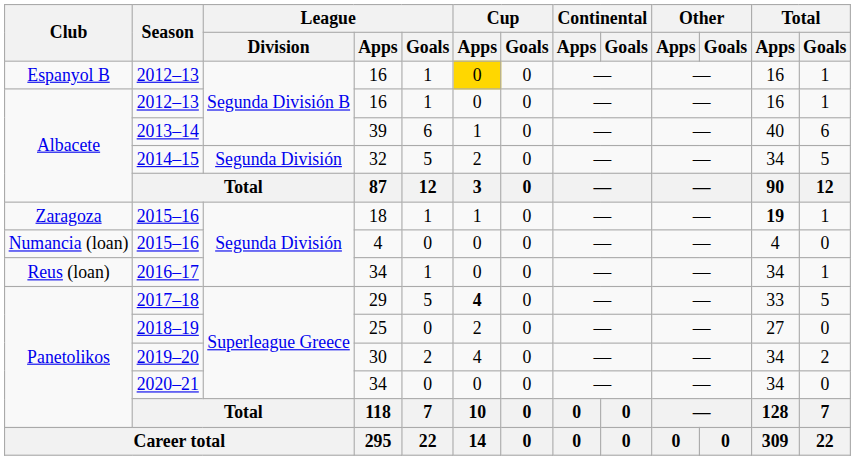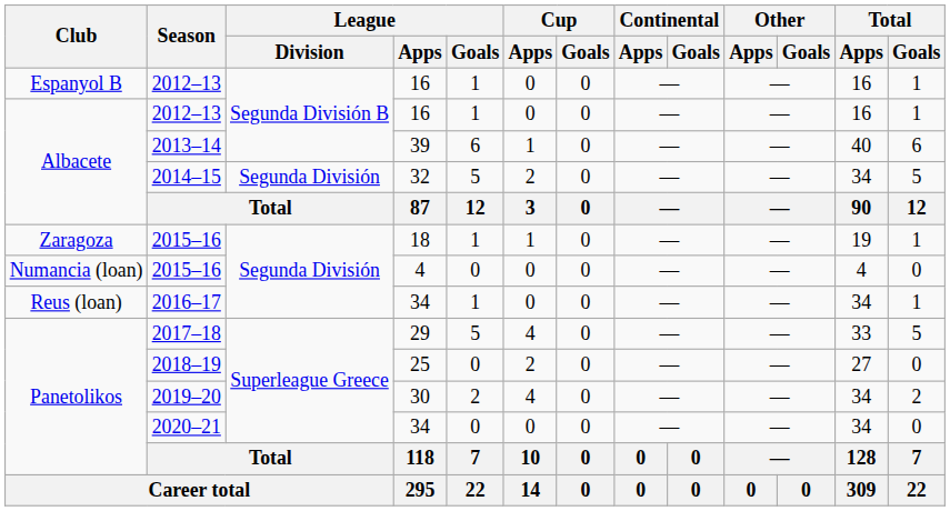 <table class="wikitable" style="text-align:center">
 <tr>
 <th rowspan=2>Club</th>
 <th rowspan=2>Season</th>
 <th colspan=3>League</th>
 <th colspan=2>Cup</th>
 <th colspan=2>Continental</th>
 <th colspan=2>Other</th>
 <th colspan=2>Total</th>
 </tr>
 <tr>
 <th>Division</th>
 <th>Apps</th>
 <th>Goals</th>
 <th>Apps</th>
 <th>Goals</th>
 <th>Apps</th>
 <th>Goals</th>
 <th>Apps</th>
 <th>Goals</th>
 <th>Apps</th>
 <th>Goals</th>
 </tr>
 <tr>
 <td><a href='#'>Espanyol B</a></td>
 <td><a href='#'>2012–13</a></td>
 <td rowspan=3><a href='#'>Segunda División B</a></td>
 <td>16</td>
 <td>1</td>
-<td style="background: gold;">0</td>
+<td>0</td>
 <td>0</td>
 <td colspan="2">—</td>
 <td colspan="2">—</td>
 <td>16</td>
 <td>1</td>
 </tr>
 <tr>
 <td rowspan=4><a href='#'>Albacete</a></td>
 <td><a href='#'>2012–13</a></td>
 <td>16</td>
 <td>1</td>
 <td>0</td>
 <td>0</td>
 <td colspan="2">—</td>
 <td colspan="2">—</td>
 <td>16</td>
 <td>1</td>
 </tr>
 <tr>
 <td><a href='#'>2013–14</a></td>
 <td>39</td>
 <td>6</td>
 <td>1</td>
 <td>0</td>
 <td colspan="2">—</td>
 <td colspan="2">—</td>
 <td>40</td>
 <td>6</td>
 </tr>
 <tr>
 <td><a href='#'>2014–15</a></td>
 <td><a href='#'>Segunda División</a></td>
 <td>32</td>
 <td>5</td>
 <td>2</td>
 <td>0</td>
 <td colspan="2">—</td>
 <td colspan="2">—</td>
 <td>34</td>
 <td>5</td>
 </tr>
 <tr>
 <th colspan="2">Total</th>
 <th>87</th>
 <th>12</th>
 <th>3</th>
 <th>0</th>
 <th colspan="2">—</th>
 <th colspan="2">—</th>
 <th>90</th>
 <th>12</th>
 </tr>
 <tr>
 <td><a href='#'>Zaragoza</a></td>
 <td><a href='#'>2015–16</a></td>
 <td rowspan=3><a href='#'>Segunda División</a></td>
 <td>18</td>
 <td>1</td>
 <td>1</td>
 <td>0</td>
 <td colspan="2">—</td>
 <td colspan="2">—</td>
-<td><strong>19</strong></td>
+<td>19</td>
 <td>1</td>
 </tr>
 <tr>
 <td><a href='#'>Numancia</a> (loan)</td>
 <td><a href='#'>2015–16</a></td>
 <td>4</td>
 <td>0</td>
 <td>0</td>
 <td>0</td>
 <td colspan="2">—</td>
 <td colspan="2">—</td>
 <td>4</td>
 <td>0</td>
 </tr>
 <tr>
 <td><a href='#'>Reus</a> (loan)</td>
 <td><a href='#'>2016–17</a></td>
 <td>34</td>
 <td>1</td>
 <td>0</td>
 <td>0</td>
 <td colspan="2">—</td>
 <td colspan="2">—</td>
 <td>34</td>
 <td>1</td>
 </tr>
 <tr>
 <td rowspan=5><a href='#'>Panetolikos</a></td>
 <td><a href='#'>2017–18</a></td>
 <td rowspan=4><a href='#'>Superleague Greece</a></td>
 <td>29</td>
 <td>5</td>
-<td><strong>4</strong></td>
+<td>4</td>
 <td>0</td>
 <td colspan="2">—</td>
 <td colspan="2">—</td>
 <td>33</td>
 <td>5</td>
 </tr>
 <tr>
 <td><a href='#'>2018–19</a></td>
 <td>25</td>
 <td>0</td>
 <td>2</td>
 <td>0</td>
 <td colspan="2">—</td>
 <td colspan="2">—</td>
 <td>27</td>
 <td>0</td>
 </tr>
 <tr>
 <td><a href='#'>2019–20</a></td>
 <td>30</td>
 <td>2</td>
 <td>4</td>
 <td>0</td>
 <td colspan="2">—</td>
 <td colspan="2">—</td>
 <td>34</td>
 <td>2</td>
 </tr>
 <tr>
 <td><a href='#'>2020–21</a></td>
 <td>34</td>
 <td>0</td>
 <td>0</td>
 <td>0</td>
 <td colspan="2">—</td>
 <td colspan="2">—</td>
 <td>34</td>
 <td>0</td>
 </tr>
 <tr>
 <th colspan="2">Total</th>
 <th>118</th>
 <th>7</th>
 <th>10</th>
 <th>0</th>
 <th>0</th>
 <th>0</th>
 <th colspan="2">—</th>
 <th>128</th>
 <th>7</th>
 </tr>
 <tr>
 <th colspan="3">Career total</th>
 <th>295</th>
 <th>22</th>
 <th>14</th>
 <th>0</th>
 <th>0</th>
 <th>0</th>
 <th>0</th>
 <th>0</th>
 <th>309</th>
 <th>22</th>
 </tr>
 </table>
